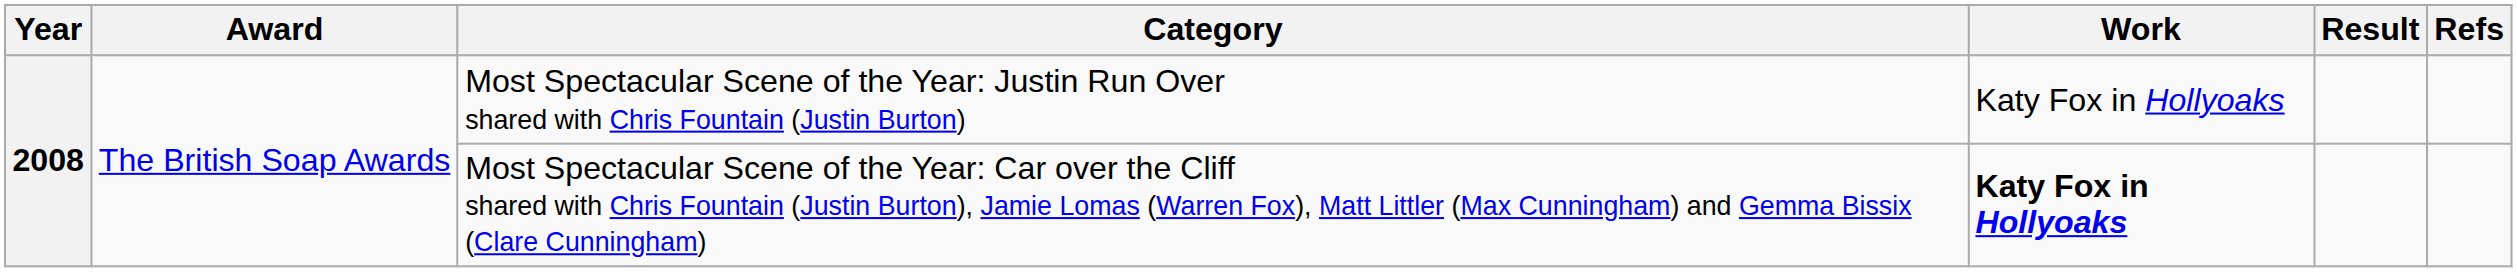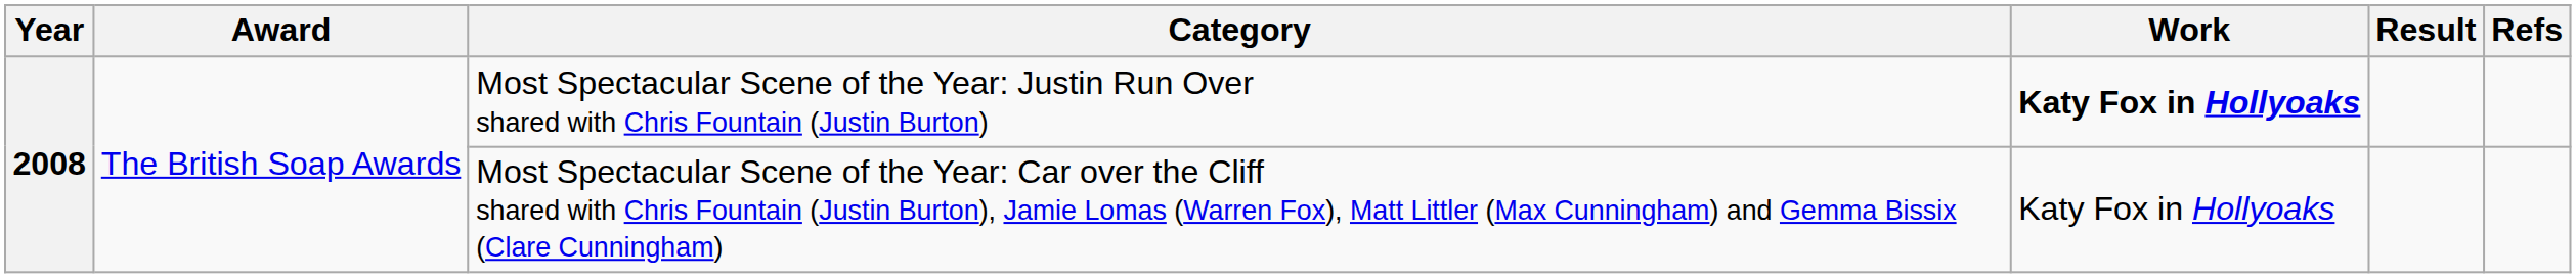 <table class="wikitable plainrowheaders">
 <tr>
 <th scope="col">Year</th>
 <th scope="col">Award</th>
 <th scope="col">Category</th>
 <th scope="col">Work</th>
 <th scope="col">Result</th>
 <th scope="col">Refs</th>
 </tr>
 <tr>
 <th scope="row" rowspan="2">2008</th>
 <td style="white-space:nowrap;" rowspan="2"><a href='#'>The British Soap Awards</a></td>
 <td>Most Spectacular Scene of the Year: Justin Run Over<br><small>shared with <a href='#'>Chris Fountain</a> (<a href='#'>Justin Burton</a>)</small></td>
-<td style="white-space:nowrap;">Katy Fox in <em><a href='#'>Hollyoaks</a></em></td>
+<td style="white-space:nowrap;"><strong>Katy Fox in <em><a href='#'>Hollyoaks</a></em></strong></td>
 <td></td>
 <td style="text-align:center;"></td>
 </tr>
 <tr>
 <td>Most Spectacular Scene of the Year: Car over the Cliff<br><small>shared with <a href='#'>Chris Fountain</a> (<a href='#'>Justin Burton</a>), <a href='#'>Jamie Lomas</a> (<a href='#'>Warren Fox</a>), <a href='#'>Matt Littler</a> (<a href='#'>Max Cunningham</a>) and <a href='#'>Gemma Bissix</a> (<a href='#'>Clare Cunningham</a>)</small></td>
-<td><strong>Katy Fox in <em><a href='#'>Hollyoaks</a></em></strong></td>
+<td>Katy Fox in <em><a href='#'>Hollyoaks</a></em></td>
 <td></td>
 <td style="text-align:center;"></td>
 </tr>
 </table>
